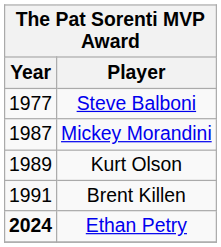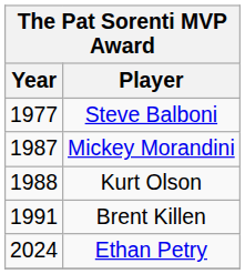 <table class="wikitable" style="display: inline-table; margin-right: 20px; text-align:center">
 <tr>
 <th scope="col" colspan="2" style="width: 145px;">The Pat Sorenti MVP Award</th>
 </tr>
 <tr>
 <th scope="col">Year</th>
 <th scope="col">Player</th>
 </tr>
 <tr>
 <td>1977</td>
 <td><a href='#'>Steve Balboni</a></td>
 </tr>
 <tr>
 <td>1987</td>
 <td><a href='#'>Mickey Morandini</a></td>
 </tr>
 <tr>
-<td>1989</td>
+<td>1988</td>
 <td>Kurt Olson</td>
 </tr>
 <tr>
 <td>1991</td>
 <td>Brent Killen</td>
 </tr>
 <tr>
-<td><strong>2024</strong></td>
+<td>2024</td>
 <td><a href='#'>Ethan Petry</a></td>
 </tr>
 <tr>
 </tr>
 </table>
